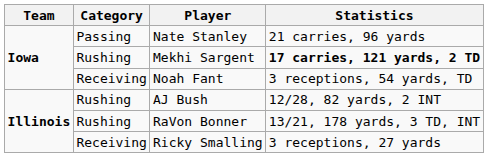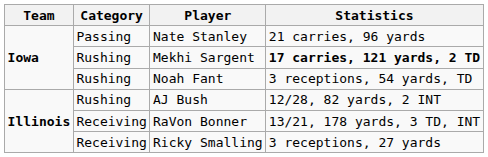 <table class="wikitable" style="float: left;">
 <tr>
 <th>Team</th>
 <th>Category</th>
 <th>Player</th>
 <th>Statistics</th>
 </tr>
 <tr>
 <td rowspan=3><strong>Iowa</strong></td>
 <td>Passing</td>
 <td>Nate Stanley</td>
 <td>21 carries, 96 yards</td>
 </tr>
 <tr>
 <td>Rushing</td>
 <td>Mekhi Sargent</td>
 <td><strong>17 carries, 121 yards, 2 TD</strong></td>
 </tr>
 <tr>
-<td>Receiving</td>
+<td>Rushing</td>
 <td>Noah Fant</td>
 <td>3 receptions, 54 yards, TD</td>
 </tr>
 <tr>
 <td rowspan=3><strong>Illinois</strong></td>
 <td>Rushing</td>
 <td>AJ Bush</td>
 <td>12/28, 82 yards, 2 INT</td>
 </tr>
 <tr>
-<td>Rushing</td>
+<td>Receiving</td>
 <td>RaVon Bonner</td>
 <td>13/21, 178 yards, 3 TD, INT</td>
 </tr>
 <tr>
 <td>Receiving</td>
 <td>Ricky Smalling</td>
 <td>3 receptions, 27 yards</td>
 </tr>
 </table>
